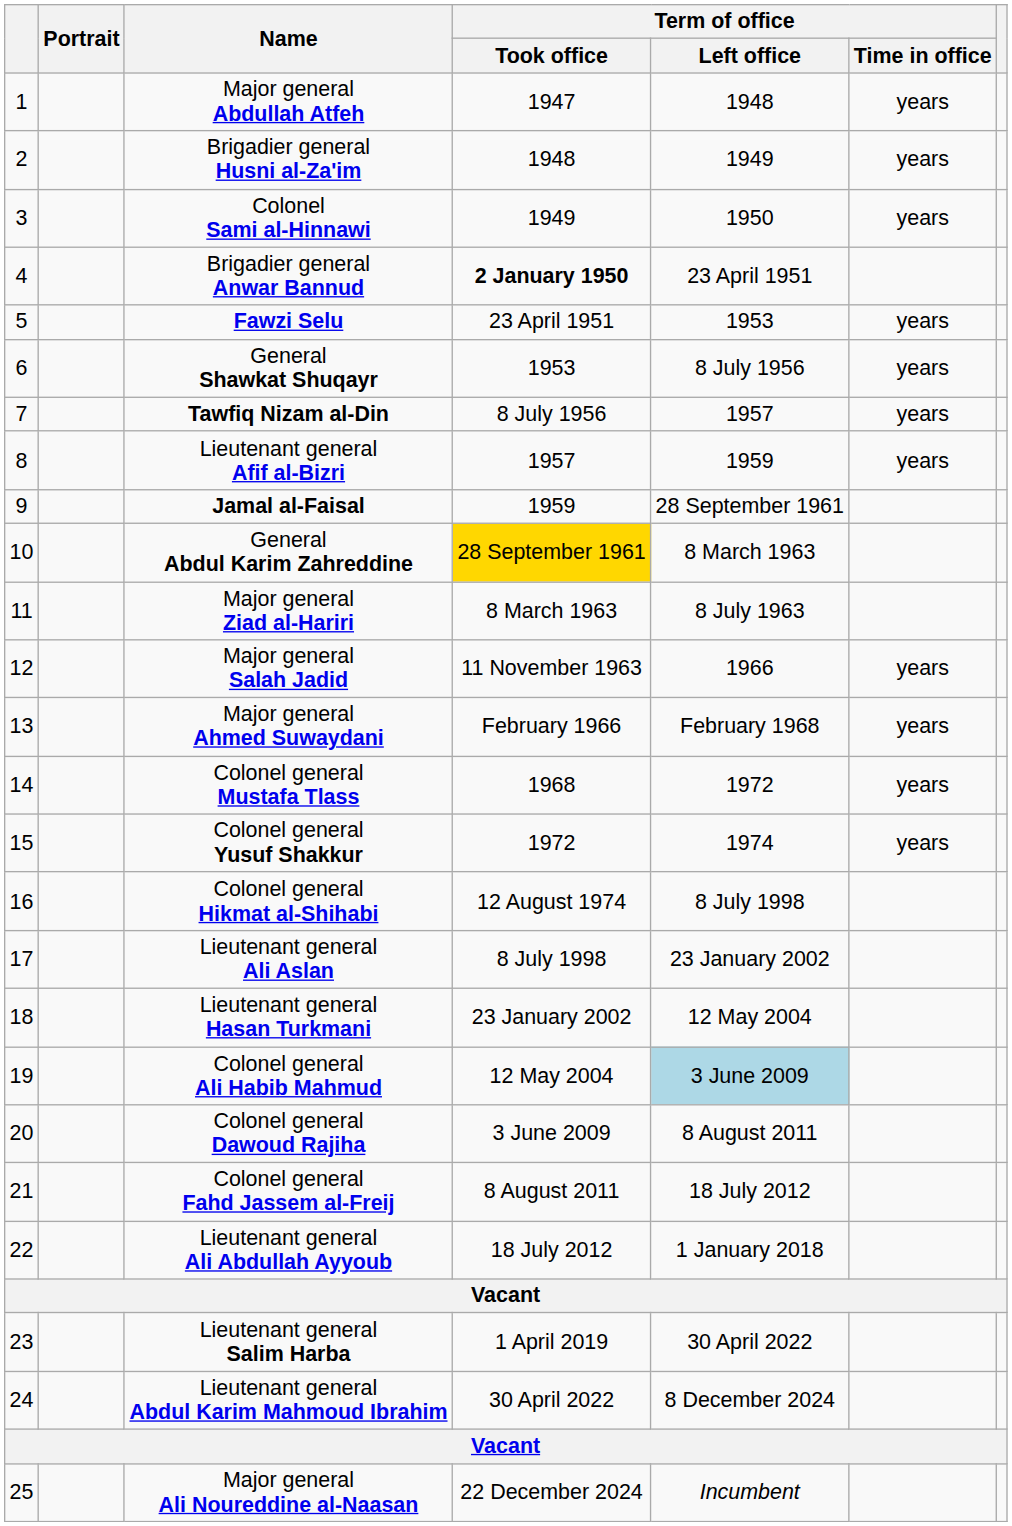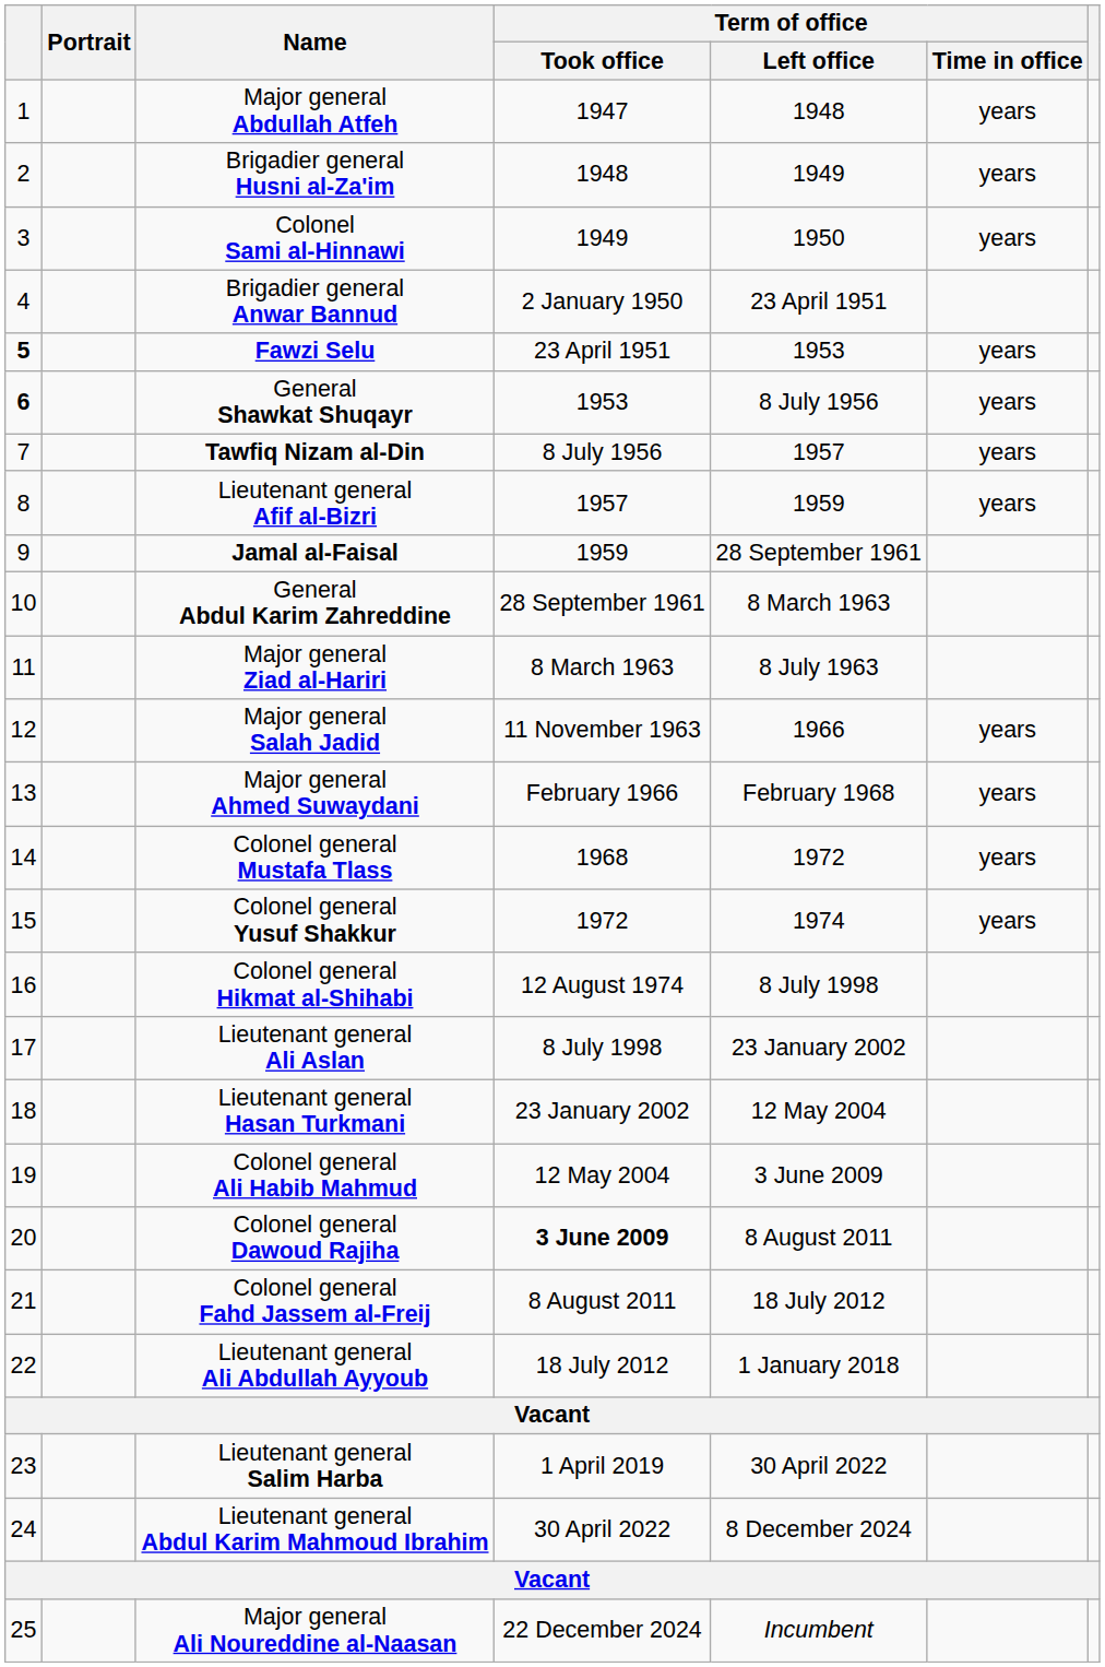 <table class="wikitable" style="text-align:center">
 <tr>
 <th rowspan=2></th>
 <th rowspan=2>Portrait</th>
 <th rowspan=2>Name<br></th>
 <th colspan=3>Term of office</th>
 <th rowspan=2></th>
 </tr>
 <tr>
 <th>Took office</th>
 <th>Left office</th>
 <th>Time in office</th>
 </tr>
 <tr>
 <td>1</td>
 <td></td>
 <td>Major general<br><strong><a href='#'>Abdullah Atfeh</a></strong><br></td>
 <td>1947</td>
 <td>1948</td>
 <td> years</td>
 <td></td>
 </tr>
 <tr>
 <td>2</td>
 <td></td>
 <td>Brigadier general<br><strong><a href='#'>Husni al-Za'im</a></strong><br></td>
 <td>1948</td>
 <td>1949</td>
 <td> years</td>
 <td></td>
 </tr>
 <tr>
 <td>3</td>
 <td></td>
 <td>Colonel<br><strong><a href='#'>Sami al-Hinnawi</a></strong><br></td>
 <td>1949</td>
 <td>1950</td>
 <td> years</td>
 <td></td>
 </tr>
 <tr>
 <td>4</td>
 <td></td>
 <td>Brigadier general<br><strong><a href='#'>Anwar Bannud</a></strong><br></td>
-<td><strong>2 January 1950</strong></td>
+<td>2 January 1950</td>
 <td>23 April 1951</td>
 <td></td>
 <td></td>
 </tr>
 <tr>
-<td>5</td>
+<td><strong>5</strong></td>
 <td></td>
 <td><strong><a href='#'>Fawzi Selu</a></strong><br></td>
 <td>23 April 1951</td>
 <td>1953</td>
 <td> years</td>
 <td></td>
 </tr>
 <tr>
-<td>6</td>
+<td><strong>6</strong></td>
 <td></td>
 <td>General<br><strong>Shawkat Shuqayr</strong><br></td>
 <td>1953</td>
 <td>8 July 1956</td>
 <td> years</td>
 <td></td>
 </tr>
 <tr>
 <td>7</td>
 <td></td>
 <td><strong>Tawfiq Nizam al-Din</strong></td>
 <td>8 July 1956</td>
 <td>1957</td>
 <td> years</td>
 <td></td>
 </tr>
 <tr>
 <td>8</td>
 <td></td>
 <td>Lieutenant general<br><strong><a href='#'>Afif al-Bizri</a></strong><br></td>
 <td>1957</td>
 <td>1959</td>
 <td> years</td>
 <td></td>
 </tr>
 <tr>
 <td>9</td>
 <td></td>
 <td><strong>Jamal al-Faisal</strong></td>
 <td>1959</td>
 <td>28 September 1961</td>
 <td></td>
 <td></td>
 </tr>
 <tr>
 <td>10</td>
 <td></td>
 <td>General<br><strong>Abdul Karim Zahreddine</strong><br></td>
-<td style="background: gold;">28 September 1961</td>
+<td>28 September 1961</td>
 <td>8 March 1963</td>
 <td></td>
 <td></td>
 </tr>
 <tr>
 <td>11</td>
 <td></td>
 <td>Major general<br><strong><a href='#'>Ziad al-Hariri</a></strong><br></td>
 <td>8 March 1963</td>
 <td>8 July 1963</td>
 <td></td>
 <td></td>
 </tr>
 <tr>
 <td>12</td>
 <td></td>
 <td>Major general<br><strong><a href='#'>Salah Jadid</a></strong><br></td>
 <td>11 November 1963</td>
 <td>1966</td>
 <td> years</td>
 <td></td>
 </tr>
 <tr>
 <td>13</td>
 <td></td>
 <td>Major general<br><strong><a href='#'>Ahmed Suwaydani</a></strong><br></td>
 <td>February 1966</td>
 <td>February 1968</td>
 <td> years</td>
 <td></td>
 </tr>
 <tr>
 <td>14</td>
 <td></td>
 <td>Colonel general<br><strong><a href='#'>Mustafa Tlass</a></strong><br></td>
 <td>1968</td>
 <td>1972</td>
 <td> years</td>
 <td></td>
 </tr>
 <tr>
 <td>15</td>
 <td></td>
 <td>Colonel general<br><strong>Yusuf Shakkur</strong><br></td>
 <td>1972</td>
 <td>1974</td>
 <td> years</td>
 <td></td>
 </tr>
 <tr>
 <td>16</td>
 <td></td>
 <td>Colonel general<br><strong><a href='#'>Hikmat al-Shihabi</a></strong><br></td>
 <td>12 August 1974</td>
 <td>8 July 1998</td>
 <td></td>
 <td></td>
 </tr>
 <tr>
 <td>17</td>
 <td></td>
 <td>Lieutenant general<br><strong><a href='#'>Ali Aslan</a></strong><br></td>
 <td>8 July 1998</td>
 <td>23 January 2002</td>
 <td></td>
 <td></td>
 </tr>
 <tr>
 <td>18</td>
 <td></td>
 <td>Lieutenant general<br><strong><a href='#'>Hasan Turkmani</a></strong><br></td>
 <td>23 January 2002</td>
 <td>12 May 2004</td>
 <td></td>
 <td></td>
 </tr>
 <tr>
 <td>19</td>
 <td></td>
 <td>Colonel general<br><strong><a href='#'>Ali Habib Mahmud</a></strong><br></td>
 <td>12 May 2004</td>
-<td style="background: lightblue;">3 June 2009</td>
+<td>3 June 2009</td>
 <td></td>
 <td><br></td>
 </tr>
 <tr>
 <td>20</td>
 <td></td>
 <td>Colonel general<br><strong><a href='#'>Dawoud Rajiha</a></strong><br></td>
-<td>3 June 2009</td>
+<td><strong>3 June 2009</strong></td>
 <td>8 August 2011</td>
 <td></td>
 <td><br></td>
 </tr>
 <tr>
 <td>21</td>
 <td></td>
 <td>Colonel general<br><strong><a href='#'>Fahd Jassem al-Freij</a></strong><br></td>
 <td>8 August 2011</td>
 <td>18 July 2012</td>
 <td></td>
 <td></td>
 </tr>
 <tr>
 <td>22</td>
 <td></td>
 <td>Lieutenant general<br><strong><a href='#'>Ali Abdullah Ayyoub</a></strong><br></td>
 <td>18 July 2012</td>
 <td>1 January 2018</td>
 <td></td>
 <td></td>
 </tr>
 <tr>
 <th colspan=7>Vacant<br></th>
 </tr>
 <tr>
 <td>23</td>
 <td></td>
 <td>Lieutenant general <br><strong>Salim Harba</strong></td>
 <td>1 April 2019</td>
 <td>30 April 2022</td>
 <td></td>
 <td></td>
 </tr>
 <tr>
 <td>24</td>
 <td></td>
 <td>Lieutenant general<br><strong><a href='#'>Abdul Karim Mahmoud Ibrahim</a></strong></td>
 <td>30 April 2022</td>
 <td>8 December 2024</td>
 <td></td>
 <td></td>
 </tr>
 <tr>
 <th colspan=7><a href='#'>Vacant</a><br></th>
 </tr>
 <tr>
 <td>25</td>
 <td></td>
 <td>Major general<br><strong><a href='#'>Ali Noureddine al-Naasan</a></strong></td>
 <td>22 December 2024</td>
 <td><em>Incumbent</em></td>
 <td></td>
 <td></td>
 </tr>
 </table>
